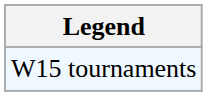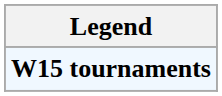 <table class=wikitable style="font-size:85%">
 <tr>
 <th>Legend</th>
 </tr>
 <tr style="background:#f0f8ff;">
-<td>W15 tournaments</td>
+<td><strong>W15 tournaments</strong></td>
 </tr>
 </table>
